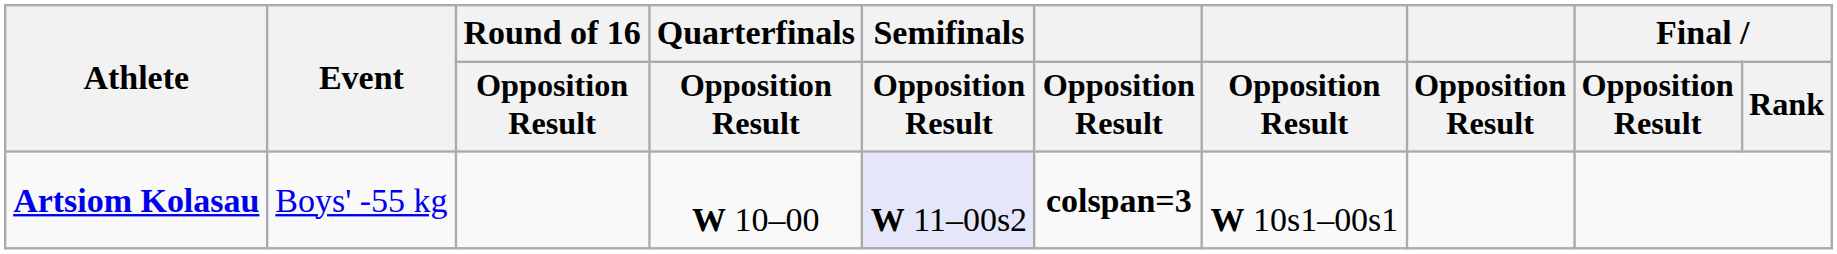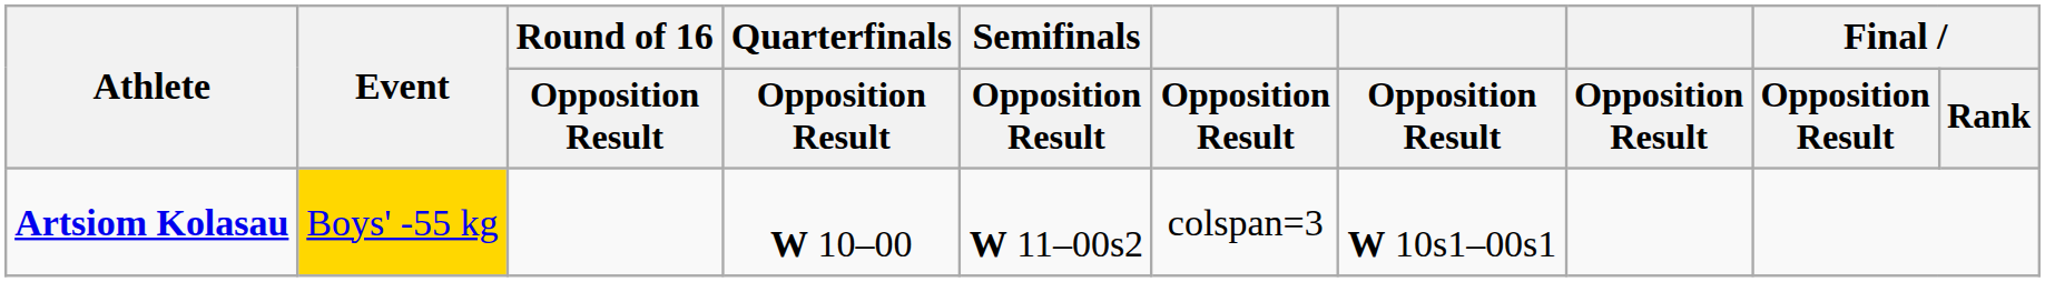 <table class="wikitable" style="font-size:90%">
 <tr>
 <th rowspan=2>Athlete</th>
 <th rowspan=2>Event</th>
 <th>Round of 16</th>
 <th>Quarterfinals</th>
 <th>Semifinals</th>
 <th></th>
 <th></th>
 <th></th>
 <th colspan=2>Final / </th>
 </tr>
 <tr style="font-size:95%">
 <th>Opposition<br>Result</th>
 <th>Opposition<br>Result</th>
 <th>Opposition<br>Result</th>
 <th>Opposition<br>Result</th>
 <th>Opposition<br>Result</th>
 <th>Opposition<br>Result</th>
 <th>Opposition<br>Result</th>
 <th>Rank</th>
 </tr>
 <tr align=center>
 <td align=left><strong><a href='#'>Artsiom Kolasau</a></strong></td>
-<td align=left><a href='#'>Boys' -55 kg</a></td>
+<td align=left style="background: gold;"><a href='#'>Boys' -55 kg</a></td>
 <td></td>
 <td><br><strong>W</strong>  10–00</td>
-<td style="background: lavender;"><br><strong>W</strong>  11–00s2</td>
-<td><strong>colspan=3 </strong></td>
+<td><br><strong>W</strong>  11–00s2</td>
+<td>colspan=3 </td>
 <td><br><strong>W</strong>  10s1–00s1</td>
 <td></td>
 </tr>
 </table>
